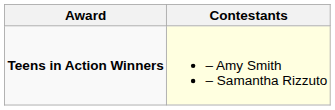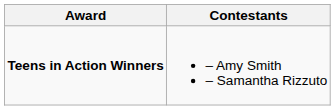 <table class="wikitable sortable" style="font-size: 95%;">
 <tr>
 <th>Award</th>
 <th>Contestants</th>
 </tr>
 <tr>
 <td><strong>Teens in Action Winners</strong></td>
-<td style="background: lightyellow;"><br><ul><li> – Amy Smith</li><li> – Samantha Rizzuto</li></ul></td>
+<td><br><ul><li> – Amy Smith</li><li> – Samantha Rizzuto</li></ul></td>
 </tr>
 </table>
